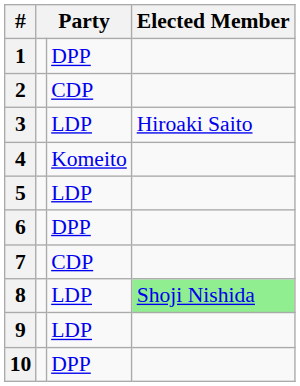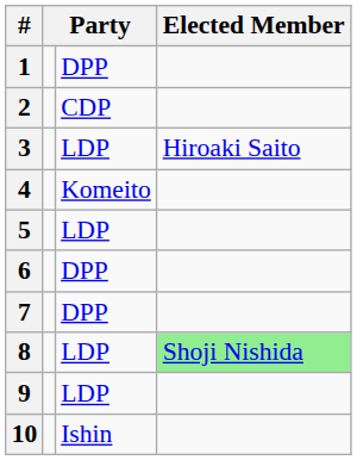 <table class="wikitable">
 <tr>
 <th>#</th>
 <th colspan=2>Party</th>
 <th>Elected Member</th>
 </tr>
 <tr>
 <th>1</th>
 <td style="background:"></td>
 <td><a href='#'>DPP</a></td>
 <td></td>
 </tr>
 <tr>
 <th>2</th>
 <td style="background:"></td>
 <td><a href='#'>CDP</a></td>
 <td></td>
 </tr>
 <tr>
 <th>3</th>
 <td style="background:"></td>
 <td><a href='#'>LDP</a></td>
 <td><a href='#'>Hiroaki Saito</a></td>
 </tr>
 <tr>
 <th>4</th>
 <td style="background:"></td>
 <td><a href='#'>Komeito</a></td>
 <td></td>
 </tr>
 <tr>
 <th>5</th>
 <td style="background:"></td>
 <td><a href='#'>LDP</a></td>
 <td></td>
 </tr>
 <tr>
 <th>6</th>
 <td style="background:"></td>
 <td><a href='#'>DPP</a></td>
 <td></td>
 </tr>
 <tr>
 <th>7</th>
 <td style="background:"></td>
-<td><a href='#'>CDP</a></td>
+<td><a href='#'>DPP</a></td>
 <td></td>
 </tr>
 <tr>
 <th>8</th>
 <td style="background:"></td>
 <td><a href='#'>LDP</a></td>
 <td style="background: lightgreen;"><a href='#'>Shoji Nishida</a></td>
 </tr>
 <tr>
 <th>9</th>
 <td style="background:"></td>
 <td><a href='#'>LDP</a></td>
 <td></td>
 </tr>
 <tr>
 <th>10</th>
 <td style="background:"></td>
-<td><a href='#'>DPP</a></td>
+<td><a href='#'>Ishin</a></td>
 <td></td>
 </tr>
 </table>
